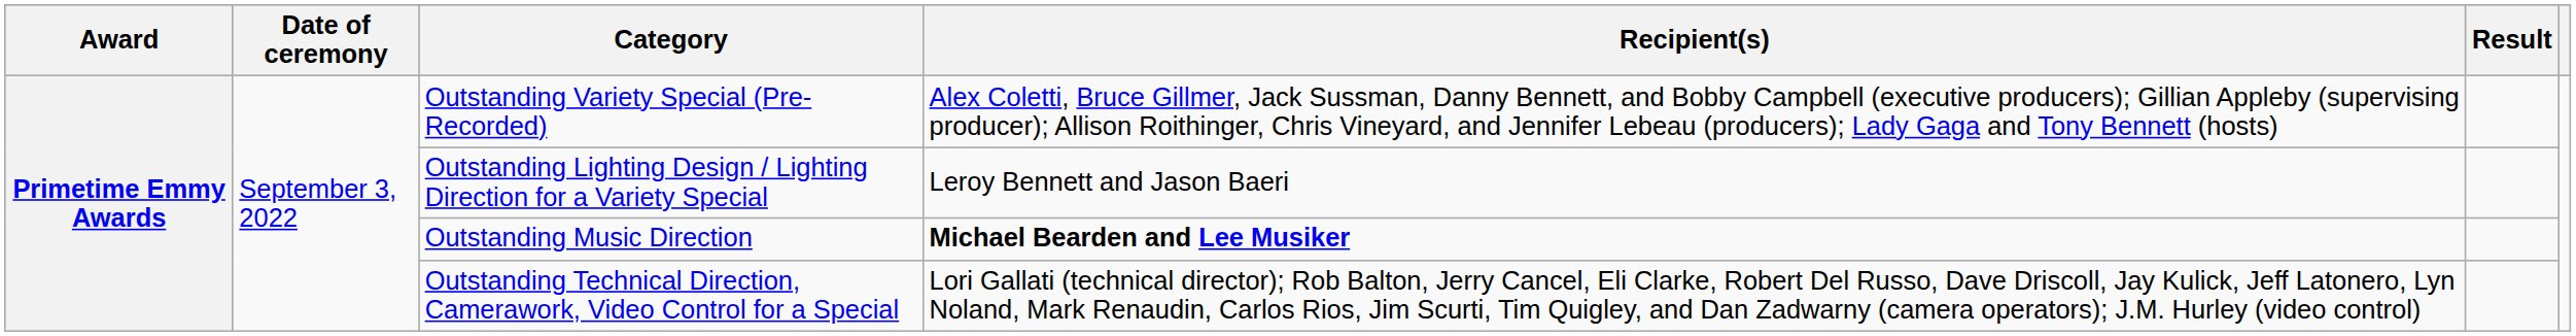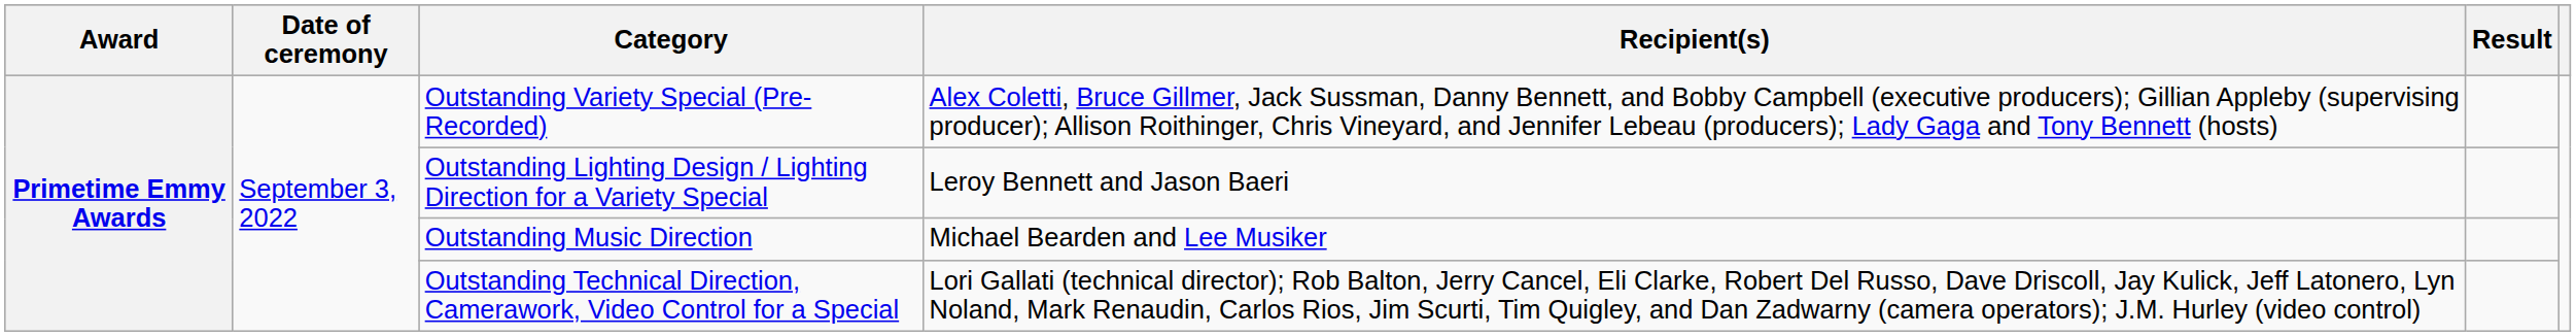 <table class="wikitable plainrowheaders sortable">
 <tr style="background:#ccc; text-align:center;">
 <th scope="col"><strong>Award</strong></th>
 <th scope="col">Date of ceremony</th>
 <th scope="col">Category</th>
 <th scope="col">Recipient(s)</th>
 <th scope="col">Result</th>
 <th scope="col" class="unsortable"></th>
 </tr>
 <tr>
 <th scope="row"  rowspan="4"><a href='#'>Primetime Emmy Awards</a></th>
 <td rowspan="4"><a href='#'>September 3, 2022</a></td>
 <td><a href='#'>Outstanding Variety Special (Pre-Recorded)</a></td>
 <td><a href='#'>Alex Coletti</a>, <a href='#'>Bruce Gillmer</a>, Jack Sussman, Danny Bennett, and Bobby Campbell (executive producers); Gillian Appleby (supervising producer); Allison Roithinger, Chris Vineyard, and Jennifer Lebeau (producers); <a href='#'>Lady Gaga</a> and <a href='#'>Tony Bennett</a> (hosts)</td>
 <td></td>
 <td style="text-align:center;" rowspan="4"></td>
 </tr>
 <tr>
 <td><a href='#'>Outstanding Lighting Design / Lighting Direction for a Variety Special</a></td>
 <td>Leroy Bennett and Jason Baeri</td>
 <td></td>
 </tr>
 <tr>
 <td><a href='#'>Outstanding Music Direction</a></td>
-<td><strong>Michael Bearden and <a href='#'>Lee Musiker</a></strong></td>
+<td>Michael Bearden and <a href='#'>Lee Musiker</a></td>
 <td></td>
 </tr>
 <tr>
 <td><a href='#'>Outstanding Technical Direction, Camerawork, Video Control for a Special</a></td>
 <td>Lori Gallati (technical director); Rob Balton, Jerry Cancel, Eli Clarke, Robert Del Russo, Dave Driscoll, Jay Kulick, Jeff Latonero, Lyn Noland, Mark Renaudin, Carlos Rios, Jim Scurti, Tim Quigley, and Dan Zadwarny (camera operators); J.M. Hurley (video control)</td>
 <td></td>
 </tr>
 </table>
